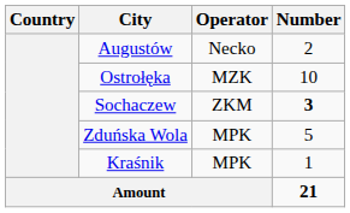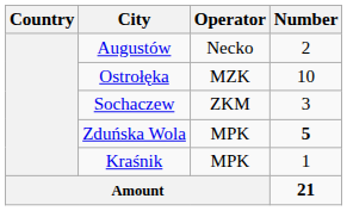 <table class="wikitable" style="text-align:center">
 <tr>
 <th>Country</th>
 <th>City</th>
 <th>Operator</th>
 <th>Number</th>
 </tr>
 <tr>
 <th rowspan=5></th>
 <td><a href='#'>Augustów</a></td>
 <td>Necko</td>
 <td>2</td>
 </tr>
 <tr>
 <td><a href='#'>Ostrołęka</a></td>
 <td>MZK</td>
 <td>10</td>
 </tr>
 <tr>
 <td><a href='#'>Sochaczew</a></td>
 <td>ZKM</td>
-<td><strong>3</strong></td>
+<td>3</td>
 </tr>
 <tr>
 <td><a href='#'>Zduńska Wola</a></td>
 <td>MPK</td>
-<td>5</td>
+<td><strong>5</strong></td>
 </tr>
 <tr>
 <td><a href='#'>Kraśnik</a></td>
 <td>MPK</td>
 <td>1</td>
 </tr>
 <tr>
 <th colspan=3><small>Amount</small></th>
 <td><strong>21</strong></td>
 </tr>
 </table>
